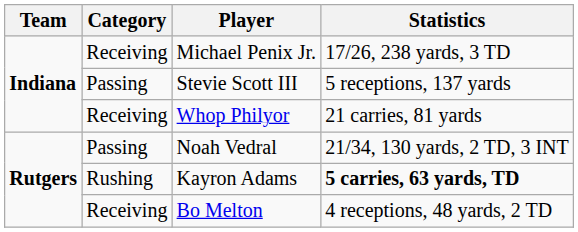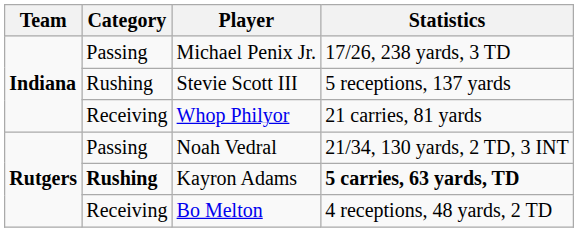 <table class="wikitable" style="float: right;">
 <tr>
 <th>Team</th>
 <th>Category</th>
 <th>Player</th>
 <th>Statistics</th>
 </tr>
 <tr>
 <td rowspan=3><strong>Indiana</strong></td>
-<td>Receiving</td>
+<td>Passing</td>
 <td>Michael Penix Jr.</td>
 <td>17/26, 238 yards, 3 TD</td>
 </tr>
 <tr>
-<td>Passing</td>
+<td>Rushing</td>
 <td>Stevie Scott III</td>
 <td>5 receptions, 137 yards</td>
 </tr>
 <tr>
 <td>Receiving</td>
 <td><a href='#'>Whop Philyor</a></td>
 <td>21 carries, 81 yards</td>
 </tr>
 <tr>
 <td rowspan=3><strong>Rutgers</strong></td>
 <td>Passing</td>
 <td>Noah Vedral</td>
 <td>21/34, 130 yards, 2 TD, 3 INT</td>
 </tr>
 <tr>
-<td>Rushing</td>
+<td><strong>Rushing</strong></td>
 <td>Kayron Adams</td>
 <td><strong>5 carries, 63 yards, TD</strong></td>
 </tr>
 <tr>
 <td>Receiving</td>
 <td><a href='#'>Bo Melton</a></td>
 <td>4 receptions, 48 yards, 2 TD</td>
 </tr>
 </table>
